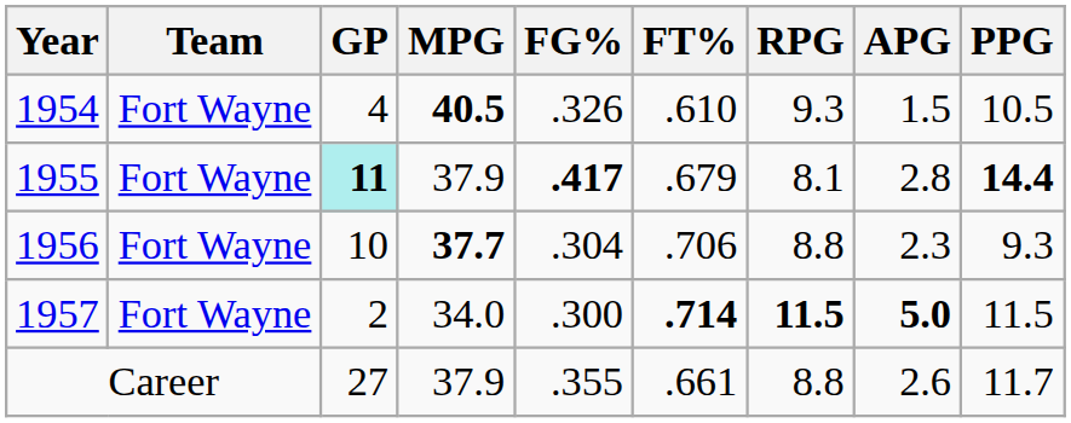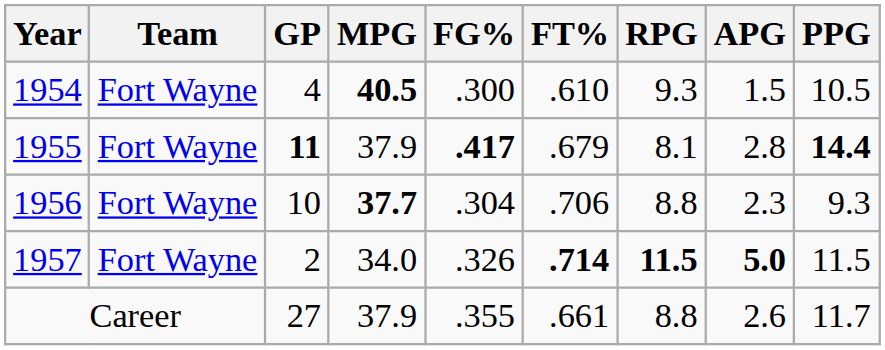 <table class="wikitable sortable" style="font-size:95%; text-align:right;">
 <tr>
 <th>Year</th>
 <th>Team</th>
 <th>GP</th>
 <th>MPG</th>
 <th>FG%</th>
 <th>FT%</th>
 <th>RPG</th>
 <th>APG</th>
 <th>PPG</th>
 </tr>
 <tr>
 <td style="text-align:left;"><a href='#'>1954</a></td>
 <td style="text-align:left;"><a href='#'>Fort Wayne</a></td>
 <td>4</td>
 <td><strong>40.5</strong></td>
-<td>.326</td>
+<td>.300</td>
 <td>.610</td>
 <td>9.3</td>
 <td>1.5</td>
 <td>10.5</td>
 </tr>
 <tr>
 <td style="text-align:left;"><a href='#'>1955</a></td>
 <td style="text-align:left;"><a href='#'>Fort Wayne</a></td>
-<td style="background: paleturquoise;"><strong>11</strong></td>
+<td><strong>11</strong></td>
 <td>37.9</td>
 <td><strong>.417</strong></td>
 <td>.679</td>
 <td>8.1</td>
 <td>2.8</td>
 <td><strong>14.4</strong></td>
 </tr>
 <tr>
 <td style="text-align:left;"><a href='#'>1956</a></td>
 <td style="text-align:left;"><a href='#'>Fort Wayne</a></td>
 <td>10</td>
 <td><strong>37.7</strong></td>
 <td>.304</td>
 <td>.706</td>
 <td>8.8</td>
 <td>2.3</td>
 <td>9.3</td>
 </tr>
 <tr>
 <td style="text-align:left;"><a href='#'>1957</a></td>
 <td style="text-align:left;"><a href='#'>Fort Wayne</a></td>
 <td>2</td>
 <td>34.0</td>
-<td>.300</td>
+<td>.326</td>
 <td><strong>.714</strong></td>
 <td><strong>11.5</strong></td>
 <td><strong>5.0</strong></td>
 <td>11.5</td>
 </tr>
 <tr class="sortbottom">
 <td colspan="2" style="text-align:center;">Career</td>
 <td>27</td>
 <td>37.9</td>
 <td>.355</td>
 <td>.661</td>
 <td>8.8</td>
 <td>2.6</td>
 <td>11.7</td>
 </tr>
 </table>
